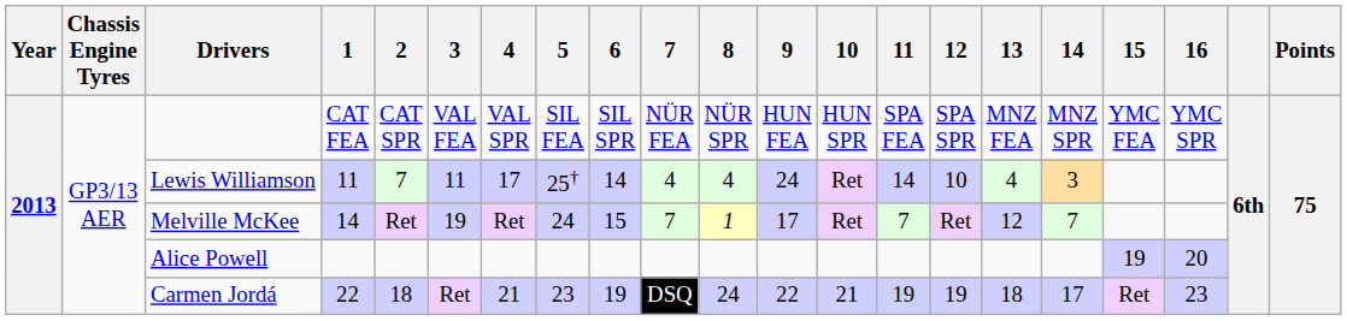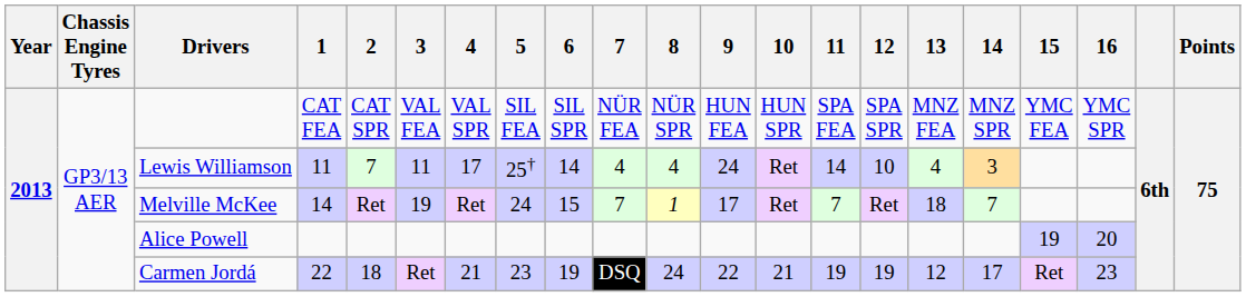 <table class="wikitable" style="text-align:center; font-size:85%;">
 <tr>
 <th>Year</th>
 <th>Chassis<br>Engine<br>Tyres</th>
 <th>Drivers</th>
 <th>1</th>
 <th>2</th>
 <th>3</th>
 <th>4</th>
 <th>5</th>
 <th>6</th>
 <th>7</th>
 <th>8</th>
 <th>9</th>
 <th>10</th>
 <th>11</th>
 <th>12</th>
 <th>13</th>
 <th>14</th>
 <th>15</th>
 <th>16</th>
 <th></th>
 <th>Points</th>
 </tr>
 <tr>
 <th rowspan=5><a href='#'>2013</a></th>
 <td rowspan=5><a href='#'>GP3/13</a><br><a href='#'>AER</a><br></td>
 <td></td>
 <td><a href='#'>CAT<br>FEA</a></td>
 <td><a href='#'>CAT<br>SPR</a></td>
 <td><a href='#'>VAL<br>FEA</a></td>
 <td><a href='#'>VAL<br>SPR</a></td>
 <td><a href='#'>SIL<br>FEA</a></td>
 <td><a href='#'>SIL<br>SPR</a></td>
 <td><a href='#'>NÜR<br>FEA</a></td>
 <td><a href='#'>NÜR<br>SPR</a></td>
 <td><a href='#'>HUN<br>FEA</a></td>
 <td><a href='#'>HUN<br>SPR</a></td>
 <td><a href='#'>SPA<br>FEA</a></td>
 <td><a href='#'>SPA<br>SPR</a></td>
 <td><a href='#'>MNZ<br>FEA</a></td>
 <td><a href='#'>MNZ<br>SPR</a></td>
 <td><a href='#'>YMC<br>FEA</a></td>
 <td><a href='#'>YMC<br>SPR</a></td>
 <th rowspan=5>6th</th>
 <th rowspan=5>75</th>
 </tr>
 <tr>
 <td align="left"> <a href='#'>Lewis Williamson</a></td>
 <td style="background:#cfcfff;">11</td>
 <td style="background:#dfffdf;">7</td>
 <td style="background:#cfcfff;">11</td>
 <td style="background:#cfcfff;">17</td>
 <td style="background:#cfcfff;">25<sup>†</sup></td>
 <td style="background:#cfcfff;">14</td>
 <td style="background:#dfffdf;">4</td>
 <td style="background:#dfffdf;">4</td>
 <td style="background:#cfcfff;">24</td>
 <td style="background:#efcfff;">Ret</td>
 <td style="background:#cfcfff;">14</td>
 <td style="background:#cfcfff;">10</td>
 <td style="background:#dfffdf;">4</td>
 <td style="background:#ffdf9f;">3</td>
 <td></td>
 <td></td>
 </tr>
 <tr>
 <td align="left"> <a href='#'>Melville McKee</a></td>
 <td style="background:#cfcfff;">14</td>
 <td style="background:#efcfff;">Ret</td>
 <td style="background:#cfcfff;">19</td>
 <td style="background:#efcfff;">Ret</td>
 <td style="background:#cfcfff;">24</td>
 <td style="background:#cfcfff;">15</td>
 <td style="background:#dfffdf;">7</td>
 <td style="background:#ffffbf;"><em>1</em></td>
 <td style="background:#cfcfff;">17</td>
 <td style="background:#efcfff;">Ret</td>
 <td style="background:#dfffdf;">7</td>
 <td style="background:#efcfff;">Ret</td>
-<td style="background:#cfcfff;">12</td>
+<td style="background:#cfcfff;">18</td>
 <td style="background:#dfffdf;">7</td>
 <td></td>
 <td></td>
 </tr>
 <tr>
 <td align="left"> <a href='#'>Alice Powell</a></td>
 <td></td>
 <td></td>
 <td></td>
 <td></td>
 <td></td>
 <td></td>
 <td></td>
 <td></td>
 <td></td>
 <td></td>
 <td></td>
 <td></td>
 <td></td>
 <td></td>
 <td style="background:#cfcfff;">19</td>
 <td style="background:#cfcfff;">20</td>
 </tr>
 <tr>
 <td align="left"> <a href='#'>Carmen Jordá</a></td>
 <td style="background:#cfcfff;">22</td>
 <td style="background:#cfcfff;">18</td>
 <td style="background:#efcfff;">Ret</td>
 <td style="background:#cfcfff;">21</td>
 <td style="background:#cfcfff;">23</td>
 <td style="background:#cfcfff;">19</td>
 <td style="background:#000000; color:white;">DSQ</td>
 <td style="background:#cfcfff;">24</td>
 <td style="background:#cfcfff;">22</td>
 <td style="background:#cfcfff;">21</td>
 <td style="background:#cfcfff;">19</td>
 <td style="background:#cfcfff;">19</td>
-<td style="background:#cfcfff;">18</td>
+<td style="background:#cfcfff;">12</td>
 <td style="background:#cfcfff;">17</td>
 <td style="background:#efcfff;">Ret</td>
 <td style="background:#cfcfff;">23</td>
 </tr>
 </table>
